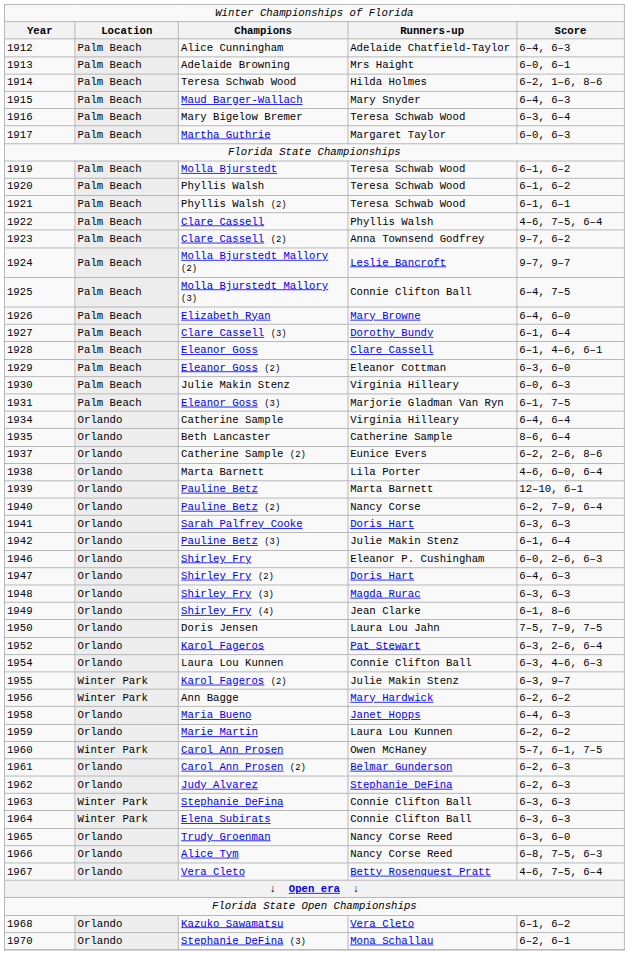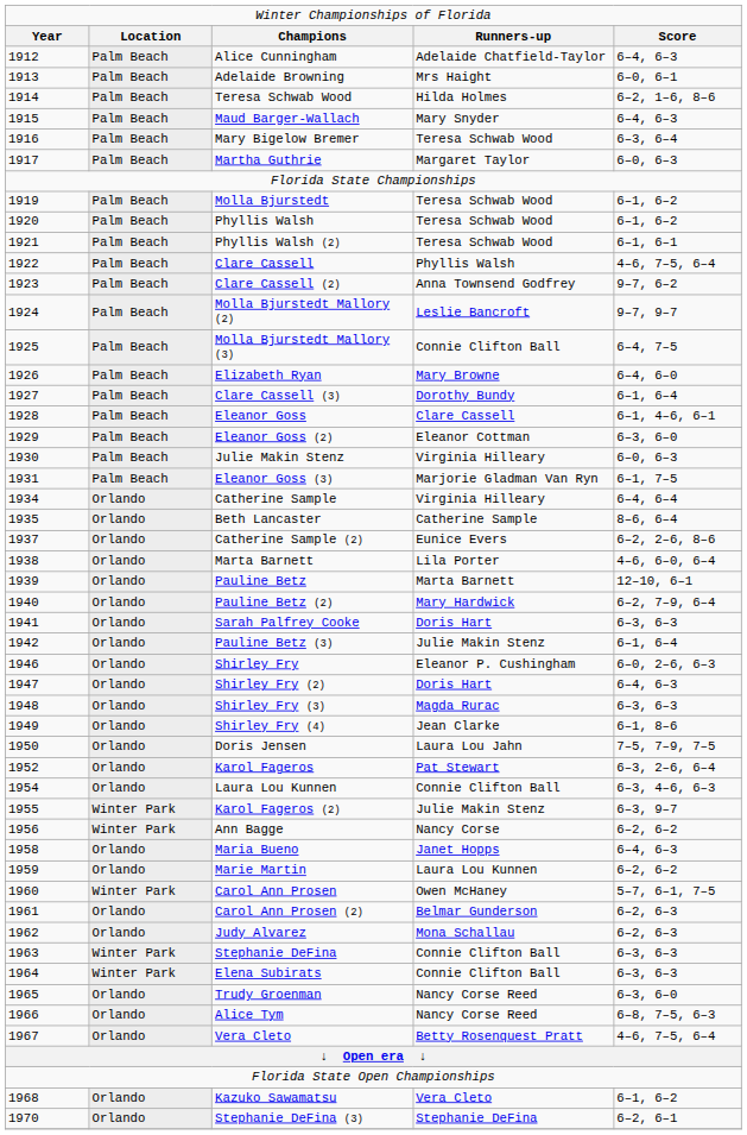 <table class="wikitable">
 <tr>
 <td colspan=5 align=center><em>Winter Championships of Florida</em></td>
 </tr>
 <tr>
 <th style="width:80px">Year</th>
 <th style="width:120px">Location</th>
 <th style="width:200px">Champions</th>
 <th style="width:200px">Runners-up</th>
 <th style="width:125px" class="unsortable">Score</th>
 </tr>
 <tr>
 <td>1912</td>
 <td style="background:#ededed">Palm Beach</td>
 <td> Alice Cunningham</td>
 <td> Adelaide Chatfield-Taylor</td>
 <td>6–4, 6–3</td>
 </tr>
 <tr>
 <td>1913</td>
 <td style="background:#ededed">Palm Beach</td>
 <td> Adelaide Browning</td>
 <td> Mrs Haight</td>
 <td>6–0, 6–1</td>
 </tr>
 <tr>
 <td>1914</td>
 <td style="background:#ededed">Palm Beach</td>
 <td> Teresa Schwab Wood</td>
 <td> Hilda Holmes</td>
 <td>6–2, 1–6, 8–6</td>
 </tr>
 <tr>
 <td>1915</td>
 <td style="background:#ededed">Palm Beach</td>
 <td> <a href='#'>Maud Barger-Wallach</a></td>
 <td> Mary Snyder</td>
 <td>6–4, 6–3</td>
 </tr>
 <tr>
 <td>1916</td>
 <td style="background:#ededed">Palm Beach</td>
 <td> Mary Bigelow Bremer</td>
 <td> Teresa Schwab Wood</td>
 <td>6–3, 6–4</td>
 </tr>
 <tr>
 <td>1917</td>
 <td style="background:#ededed">Palm Beach</td>
 <td> <a href='#'>Martha Guthrie</a></td>
 <td> Margaret Taylor</td>
 <td>6–0, 6–3</td>
 </tr>
 <tr>
 <td colspan=5 align=center><em>Florida State Championships</em></td>
 </tr>
 <tr>
 <td>1919</td>
 <td style="background:#ededed">Palm Beach</td>
 <td> <a href='#'>Molla Bjurstedt</a></td>
 <td> Teresa Schwab Wood</td>
 <td>6–1, 6–2</td>
 </tr>
 <tr>
 <td>1920</td>
 <td style="background:#ededed">Palm Beach</td>
 <td> Phyllis Walsh</td>
 <td> Teresa Schwab Wood</td>
 <td>6–1, 6–2</td>
 </tr>
 <tr>
 <td>1921</td>
 <td style="background:#ededed">Palm Beach</td>
 <td> Phyllis Walsh  <small>(2)</small></td>
 <td> Teresa Schwab Wood</td>
 <td>6–1, 6–1</td>
 </tr>
 <tr>
 <td>1922</td>
 <td style="background:#ededed">Palm Beach</td>
 <td> <a href='#'>Clare Cassell</a></td>
 <td> Phyllis Walsh</td>
 <td>4–6, 7–5, 6–4</td>
 </tr>
 <tr>
 <td>1923</td>
 <td style="background:#ededed">Palm Beach</td>
 <td> <a href='#'>Clare Cassell</a>  <small>(2)</small></td>
 <td> Anna Townsend Godfrey</td>
 <td>9–7, 6–2</td>
 </tr>
 <tr>
 <td>1924</td>
 <td style="background:#ededed">Palm Beach</td>
 <td> <a href='#'>Molla Bjurstedt Mallory</a>  <small>(2)</small></td>
 <td> <a href='#'>Leslie Bancroft</a></td>
 <td>9–7, 9–7</td>
 </tr>
 <tr>
 <td>1925</td>
 <td style="background:#ededed">Palm Beach</td>
 <td> <a href='#'>Molla Bjurstedt Mallory</a>  <small>(3)</small></td>
 <td> Connie Clifton Ball</td>
 <td>6–4, 7–5</td>
 </tr>
 <tr>
 <td>1926</td>
 <td style="background:#ededed">Palm Beach</td>
 <td> <a href='#'>Elizabeth Ryan</a></td>
 <td> <a href='#'>Mary Browne</a></td>
 <td>6–4, 6–0</td>
 </tr>
 <tr>
 <td>1927</td>
 <td style="background:#ededed">Palm Beach</td>
 <td> <a href='#'>Clare Cassell</a>  <small>(3)</small></td>
 <td> <a href='#'>Dorothy Bundy</a></td>
 <td>6–1, 6–4</td>
 </tr>
 <tr>
 <td>1928</td>
 <td style="background:#ededed">Palm Beach</td>
 <td> <a href='#'>Eleanor Goss</a></td>
 <td> <a href='#'>Clare Cassell</a></td>
 <td>6–1, 4–6, 6–1</td>
 </tr>
 <tr>
 <td>1929</td>
 <td style="background:#ededed">Palm Beach</td>
 <td> <a href='#'>Eleanor Goss</a>  <small>(2)</small></td>
 <td>  Eleanor Cottman</td>
 <td>6–3, 6–0</td>
 </tr>
 <tr>
 <td>1930</td>
 <td style="background:#ededed">Palm Beach</td>
 <td> Julie Makin Stenz</td>
 <td> Virginia Hilleary</td>
 <td>6–0, 6–3</td>
 </tr>
 <tr>
 <td>1931</td>
 <td style="background:#ededed">Palm Beach</td>
 <td> <a href='#'>Eleanor Goss</a> <small>(3)</small></td>
 <td> Marjorie Gladman Van Ryn</td>
 <td>6–1, 7–5</td>
 </tr>
 <tr>
 <td>1934</td>
 <td style="background:#ededed">Orlando</td>
 <td> Catherine Sample</td>
 <td> Virginia Hilleary</td>
 <td>6–4, 6–4</td>
 </tr>
 <tr>
 <td>1935</td>
 <td style="background:#ededed">Orlando</td>
 <td> Beth Lancaster</td>
 <td> Catherine Sample</td>
 <td>8–6, 6–4</td>
 </tr>
 <tr>
 <td>1937</td>
 <td style="background:#ededed">Orlando</td>
 <td> Catherine Sample  <small>(2)</small></td>
 <td> Eunice Evers</td>
 <td>6–2, 2–6, 8–6</td>
 </tr>
 <tr>
 <td>1938</td>
 <td style="background:#ededed">Orlando</td>
 <td> Marta Barnett</td>
 <td> Lila Porter</td>
 <td>4–6, 6–0, 6–4</td>
 </tr>
 <tr>
 <td>1939</td>
 <td style="background:#ededed">Orlando</td>
 <td> <a href='#'>Pauline Betz</a></td>
 <td> Marta Barnett</td>
 <td>12–10, 6–1</td>
 </tr>
 <tr>
 <td>1940</td>
 <td style="background:#ededed">Orlando</td>
 <td> <a href='#'>Pauline Betz</a>  <small>(2)</small></td>
-<td> Nancy Corse</td>
+<td> <a href='#'>Mary Hardwick</a></td>
 <td>6–2, 7–9, 6–4</td>
 </tr>
 <tr>
 <td>1941</td>
 <td style="background:#ededed">Orlando</td>
 <td> <a href='#'>Sarah Palfrey Cooke</a></td>
 <td> <a href='#'>Doris Hart</a></td>
 <td>6–3, 6–3</td>
 </tr>
 <tr>
 <td>1942</td>
 <td style="background:#ededed">Orlando</td>
 <td> <a href='#'>Pauline Betz</a> <small>(3)</small></td>
 <td> Julie Makin Stenz</td>
 <td>6–1, 6–4</td>
 </tr>
 <tr>
 <td>1946</td>
 <td style="background:#ededed">Orlando</td>
 <td> <a href='#'>Shirley Fry</a></td>
 <td> Eleanor P. Cushingham</td>
 <td>6–0, 2–6, 6–3</td>
 </tr>
 <tr>
 <td>1947</td>
 <td style="background:#ededed">Orlando</td>
 <td> <a href='#'>Shirley Fry</a> <small>(2)</small></td>
 <td> <a href='#'>Doris Hart</a></td>
 <td>6–4, 6–3</td>
 </tr>
 <tr>
 <td>1948</td>
 <td style="background:#ededed">Orlando</td>
 <td> <a href='#'>Shirley Fry</a> <small>(3)</small></td>
 <td> <a href='#'>Magda Rurac</a></td>
 <td>6–3, 6–3</td>
 </tr>
 <tr>
 <td>1949</td>
 <td style="background:#ededed">Orlando</td>
 <td> <a href='#'>Shirley Fry</a> <small>(4)</small></td>
 <td> Jean Clarke</td>
 <td>6–1, 8–6</td>
 </tr>
 <tr>
 <td>1950</td>
 <td style="background:#ededed">Orlando</td>
 <td> Doris Jensen</td>
 <td> Laura Lou Jahn</td>
 <td>7–5, 7–9, 7–5</td>
 </tr>
 <tr>
 <td>1952</td>
 <td style="background:#ededed">Orlando</td>
 <td> <a href='#'>Karol Fageros</a></td>
 <td> <a href='#'>Pat Stewart</a></td>
 <td>6–3, 2–6, 6–4</td>
 </tr>
 <tr>
 <td>1954</td>
 <td style="background:#ededed">Orlando</td>
 <td> Laura Lou Kunnen</td>
 <td> Connie Clifton Ball</td>
 <td>6–3, 4–6, 6–3</td>
 </tr>
 <tr>
 <td>1955</td>
 <td style="background:#ededed">Winter Park</td>
 <td> <a href='#'>Karol Fageros</a> <small>(2)</small></td>
 <td> Julie Makin Stenz</td>
 <td>6–3, 9–7</td>
 </tr>
 <tr>
 <td>1956</td>
 <td style="background:#ededed">Winter Park</td>
 <td> Ann Bagge</td>
-<td> <a href='#'>Mary Hardwick</a></td>
+<td> Nancy Corse</td>
 <td>6–2, 6–2</td>
 </tr>
 <tr>
 <td>1958</td>
 <td style="background:#ededed">Orlando</td>
 <td> <a href='#'>Maria Bueno</a></td>
 <td> <a href='#'>Janet Hopps</a></td>
 <td>6–4, 6–3</td>
 </tr>
 <tr>
 <td>1959</td>
 <td style="background:#ededed">Orlando</td>
 <td> <a href='#'>Marie Martin</a></td>
 <td> Laura Lou Kunnen</td>
 <td>6–2, 6–2</td>
 </tr>
 <tr>
 <td>1960</td>
 <td style="background:#ededed">Winter Park</td>
 <td> <a href='#'>Carol Ann Prosen</a></td>
 <td> Owen McHaney</td>
 <td>5–7, 6–1, 7–5</td>
 </tr>
 <tr>
 <td>1961</td>
 <td style="background:#ededed">Orlando</td>
 <td> <a href='#'>Carol Ann Prosen</a> <small>(2)</small></td>
 <td> <a href='#'>Belmar Gunderson</a></td>
 <td>6–2, 6–3</td>
 </tr>
 <tr>
 <td>1962</td>
 <td style="background:#ededed">Orlando</td>
 <td> <a href='#'>Judy Alvarez</a></td>
-<td> <a href='#'>Stephanie DeFina</a></td>
+<td> <a href='#'>Mona Schallau</a></td>
 <td>6–2, 6–3</td>
 </tr>
 <tr>
 <td>1963</td>
 <td style="background:#ededed">Winter Park</td>
 <td> <a href='#'>Stephanie DeFina</a></td>
 <td> Connie Clifton Ball</td>
 <td>6–3, 6–3</td>
 </tr>
 <tr>
 <td>1964</td>
 <td style="background:#ededed">Winter Park</td>
 <td> <a href='#'>Elena Subirats</a></td>
 <td> Connie Clifton Ball</td>
 <td>6–3, 6–3</td>
 </tr>
 <tr>
 <td>1965</td>
 <td style="background:#ededed">Orlando</td>
 <td> <a href='#'>Trudy Groenman</a></td>
 <td> Nancy Corse Reed</td>
 <td>6–3, 6–0</td>
 </tr>
 <tr>
 <td>1966</td>
 <td style="background:#ededed">Orlando</td>
 <td> <a href='#'>Alice Tym</a></td>
 <td> Nancy Corse Reed</td>
 <td>6–8, 7–5, 6–3</td>
 </tr>
 <tr>
 <td>1967</td>
 <td style="background:#ededed">Orlando</td>
 <td> <a href='#'>Vera Cleto</a></td>
 <td> <a href='#'>Betty Rosenquest Pratt</a></td>
 <td>4–6, 7–5, 6–4</td>
 </tr>
 <tr>
 <th colspan=5 align=center>↓  <a href='#'>Open era</a>  ↓</th>
 </tr>
 <tr>
 <td colspan=5 align=center><em>Florida State Open Championships</em></td>
 </tr>
 <tr>
 <td>1968</td>
 <td style="background:#ededed">Orlando</td>
 <td> <a href='#'>Kazuko Sawamatsu</a></td>
 <td> <a href='#'>Vera Cleto</a></td>
 <td>6–1, 6–2</td>
 </tr>
 <tr>
 <td>1970</td>
 <td style="background:#ededed">Orlando</td>
 <td> <a href='#'>Stephanie DeFina</a>  <small>(3)</small></td>
-<td> <a href='#'>Mona Schallau</a></td>
+<td> <a href='#'>Stephanie DeFina</a></td>
 <td>6–2, 6–1</td>
 </tr>
 <tr>
 </tr>
 </table>
